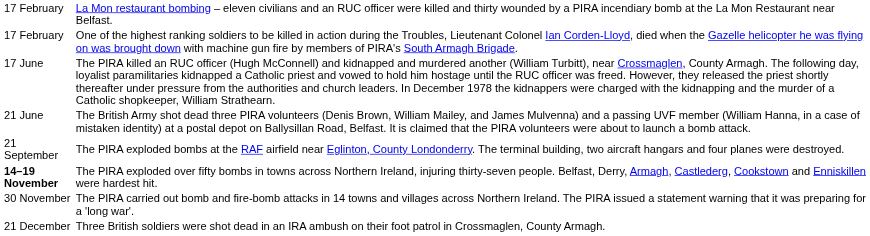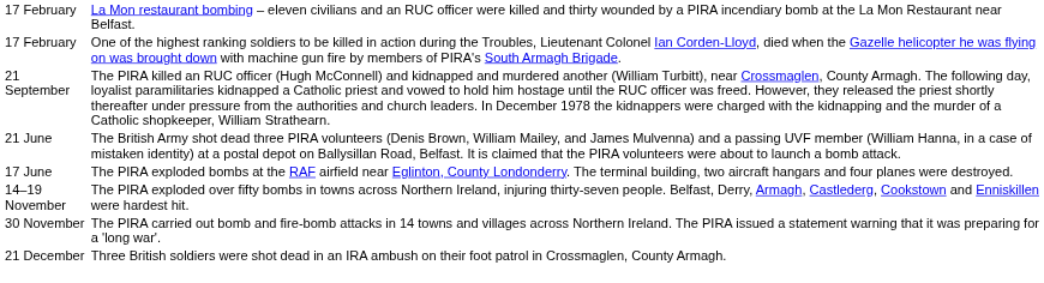 <table width=100%>
 <tr>
 <td style="width:100px; vertical-align:top;">17 February</td>
 <td><a href='#'>La Mon restaurant bombing</a> – eleven civilians and an RUC officer were killed and thirty wounded by a PIRA incendiary bomb at the La Mon Restaurant near Belfast.</td>
 </tr>
 <tr>
 <td valign="top">17 February</td>
 <td>One of the highest ranking soldiers to be killed in action during the Troubles, Lieutenant Colonel <a href='#'>Ian Corden-Lloyd</a>, died when the <a href='#'>Gazelle helicopter he was flying on was brought down</a> with machine gun fire by members of PIRA's <a href='#'>South Armagh Brigade</a>.</td>
 </tr>
 <tr>
-<td valign="top">17 June</td>
+<td valign="top">21 September</td>
 <td>The PIRA killed an RUC officer (Hugh McConnell) and kidnapped and murdered another (William Turbitt), near <a href='#'>Crossmaglen</a>, County Armagh. The following day, loyalist paramilitaries kidnapped a Catholic priest and vowed to hold him hostage until the RUC officer was freed. However, they released the priest shortly thereafter under pressure from the authorities and church leaders. In December 1978 the kidnappers were charged with the kidnapping and the murder of a Catholic shopkeeper, William Strathearn.</td>
 </tr>
 <tr>
 <td valign="top">21 June</td>
 <td>The British Army shot dead three PIRA volunteers (Denis Brown, William Mailey, and James Mulvenna) and a passing UVF member (William Hanna, in a case of mistaken identity) at a postal depot on Ballysillan Road, Belfast. It is claimed that the PIRA volunteers were about to launch a bomb attack.</td>
 </tr>
 <tr>
-<td valign="top">21 September</td>
+<td valign="top">17 June</td>
 <td>The PIRA exploded bombs at the <a href='#'>RAF</a> airfield near <a href='#'>Eglinton, County Londonderry</a>. The terminal building, two aircraft hangars and four planes were destroyed.</td>
 </tr>
 <tr>
-<td valign="top"><strong>14–19 November</strong></td>
+<td valign="top">14–19 November</td>
 <td>The PIRA exploded over fifty bombs in towns across Northern Ireland, injuring thirty-seven people. Belfast, Derry, <a href='#'>Armagh</a>, <a href='#'>Castlederg</a>, <a href='#'>Cookstown</a> and <a href='#'>Enniskillen</a> were hardest hit.</td>
 </tr>
 <tr>
 <td valign="top">30 November</td>
 <td>The PIRA carried out bomb and fire-bomb attacks in 14 towns and villages across Northern Ireland. The PIRA issued a statement warning that it was preparing for a 'long war'.</td>
 </tr>
 <tr>
 <td valign="top">21 December</td>
 <td>Three British soldiers were shot dead in an IRA ambush on their foot patrol in Crossmaglen, County Armagh.</td>
 </tr>
 </table>
